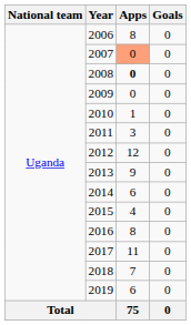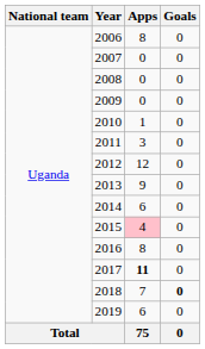 <table class="wikitable" style="text-align:center">
 <tr>
 <th>National team</th>
 <th>Year</th>
 <th>Apps</th>
 <th>Goals</th>
 </tr>
 <tr>
 <td rowspan="14"><a href='#'>Uganda</a></td>
 <td>2006</td>
 <td>8</td>
 <td>0</td>
 </tr>
 <tr>
 <td>2007</td>
-<td style="background: lightsalmon;">0</td>
+<td>0</td>
 <td>0</td>
 </tr>
 <tr>
 <td>2008</td>
-<td><strong>0</strong></td>
+<td>0</td>
 <td>0</td>
 </tr>
 <tr>
 <td>2009</td>
 <td>0</td>
 <td>0</td>
 </tr>
 <tr>
 <td>2010</td>
 <td>1</td>
 <td>0</td>
 </tr>
 <tr>
 <td>2011</td>
 <td>3</td>
 <td>0</td>
 </tr>
 <tr>
 <td>2012</td>
 <td>12</td>
 <td>0</td>
 </tr>
 <tr>
 <td>2013</td>
 <td>9</td>
 <td>0</td>
 </tr>
 <tr>
 <td>2014</td>
 <td>6</td>
 <td>0</td>
 </tr>
 <tr>
 <td>2015</td>
-<td>4</td>
+<td style="background: pink;">4</td>
 <td>0</td>
 </tr>
 <tr>
 <td>2016</td>
 <td>8</td>
 <td>0</td>
 </tr>
 <tr>
 <td>2017</td>
-<td>11</td>
+<td><strong>11</strong></td>
 <td>0</td>
 </tr>
 <tr>
 <td>2018</td>
 <td>7</td>
-<td>0</td>
+<td><strong>0</strong></td>
 </tr>
 <tr>
 <td>2019</td>
 <td>6</td>
 <td>0</td>
 </tr>
 <tr>
 <th colspan="2">Total</th>
 <th>75</th>
 <th>0</th>
 </tr>
 </table>
